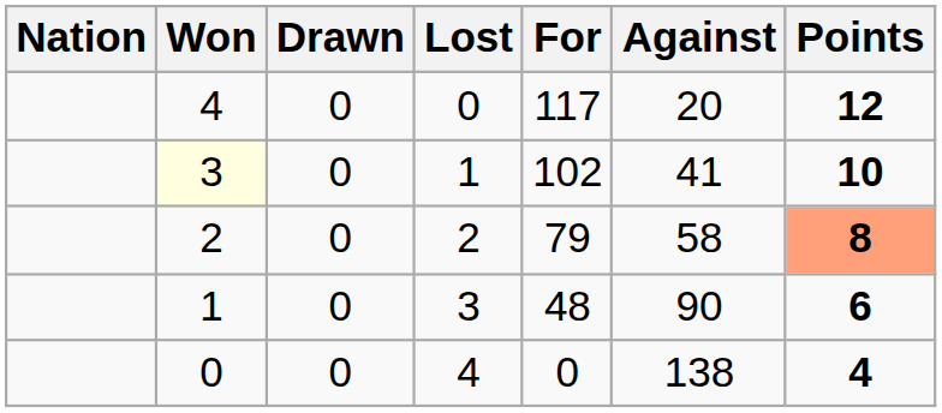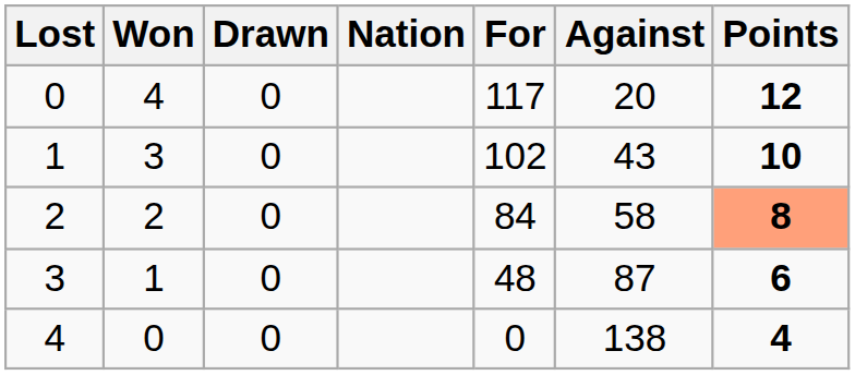 <table class="wikitable" style="text-align: center;">
 <tr>
-<th>Nation</th>
+<th>Lost</th>
 <th>Won</th>
 <th>Drawn</th>
-<th>Lost</th>
+<th>Nation</th>
 <th>For</th>
 <th>Against</th>
 <th>Points</th>
 </tr>
 <tr>
-<td align="left"></td>
+<td>0</td>
 <td>4</td>
 <td>0</td>
-<td>0</td>
+<td align="left"></td>
 <td>117</td>
 <td>20</td>
 <td><strong>12</strong></td>
 </tr>
 <tr>
+<td>1</td>
+<td>3</td>
+<td>0</td>
 <td align="left"></td>
-<td style="background: lightyellow;">3</td>
-<td>0</td>
-<td>1</td>
 <td>102</td>
-<td>41</td>
+<td>43</td>
 <td><strong>10</strong></td>
 </tr>
 <tr>
-<td align="left"></td>
+<td>2</td>
 <td>2</td>
 <td>0</td>
-<td>2</td>
-<td>79</td>
+<td align="left"></td>
+<td>84</td>
 <td>58</td>
 <td style="background: lightsalmon;"><strong>8</strong></td>
 </tr>
 <tr>
-<td align="left"></td>
+<td>3</td>
 <td>1</td>
 <td>0</td>
-<td>3</td>
+<td align="left"></td>
 <td>48</td>
-<td>90</td>
+<td>87</td>
 <td><strong>6</strong></td>
 </tr>
 <tr>
-<td align="left"></td>
+<td>4</td>
 <td>0</td>
 <td>0</td>
-<td>4</td>
+<td align="left"></td>
 <td>0</td>
 <td>138</td>
 <td><strong>4</strong></td>
 </tr>
 </table>
